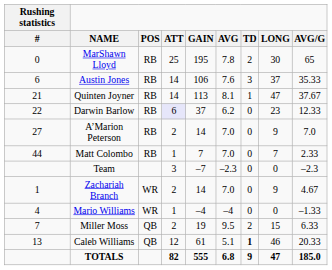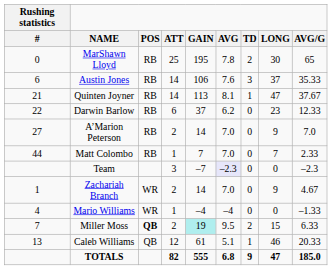 <table style="width:60%; text-align:center;" class="wikitable collapsible collapsed">
 <tr>
 <th style="text-align:center; ">Rushing statistics</th>
 </tr>
 <tr>
 <th>#</th>
 <th>NAME</th>
 <th>POS</th>
 <th>ATT</th>
 <th>GAIN</th>
 <th>AVG</th>
 <th>TD</th>
 <th>LONG</th>
 <th>AVG/G</th>
 </tr>
 <tr>
 <td>0</td>
 <td><a href='#'>MarShawn Lloyd</a></td>
 <td>RB</td>
 <td>25</td>
 <td>195</td>
 <td>7.8</td>
 <td>2</td>
 <td>30</td>
 <td>65</td>
 </tr>
 <tr>
 <td>6</td>
 <td><a href='#'>Austin Jones</a></td>
 <td>RB</td>
 <td>14</td>
 <td>106</td>
 <td>7.6</td>
 <td>3</td>
 <td>37</td>
 <td>35.33</td>
 </tr>
 <tr>
 <td>21</td>
 <td>Quinten Joyner</td>
 <td>RB</td>
 <td>14</td>
 <td>113</td>
 <td>8.1</td>
 <td>1</td>
 <td>47</td>
 <td>37.67</td>
 </tr>
 <tr>
 <td>22</td>
 <td>Darwin Barlow</td>
 <td>RB</td>
-<td style="background: lavender;">6</td>
+<td>6</td>
 <td>37</td>
 <td>6.2</td>
 <td>0</td>
 <td>23</td>
 <td>12.33</td>
 </tr>
 <tr>
 <td>27</td>
 <td>A’Marion Peterson</td>
 <td>RB</td>
 <td>2</td>
 <td>14</td>
 <td>7.0</td>
 <td>0</td>
 <td>9</td>
 <td>7.0</td>
 </tr>
 <tr>
 <td>44</td>
 <td>Matt Colombo</td>
 <td>RB</td>
 <td>1</td>
 <td>7</td>
 <td>7.0</td>
 <td>0</td>
 <td>7</td>
 <td>2.33</td>
 </tr>
 <tr>
 <td></td>
 <td>Team</td>
 <td></td>
 <td>3</td>
 <td>–7</td>
-<td>–2.3</td>
+<td style="background: lavender;">–2.3</td>
 <td>0</td>
 <td>0</td>
 <td>–2.3</td>
 </tr>
 <tr>
 <td>1</td>
 <td><a href='#'>Zachariah Branch</a></td>
 <td>WR</td>
 <td>2</td>
 <td>14</td>
 <td>7.0</td>
 <td>0</td>
 <td>9</td>
 <td>4.67</td>
 </tr>
 <tr>
 <td>4</td>
 <td><a href='#'>Mario Williams</a></td>
 <td>WR</td>
 <td>1</td>
 <td>–4</td>
 <td>–4</td>
 <td>0</td>
 <td>0</td>
 <td>–1.33</td>
 </tr>
 <tr>
 <td>7</td>
 <td>Miller Moss</td>
-<td>QB</td>
+<td><strong>QB</strong></td>
 <td>2</td>
-<td>19</td>
+<td style="background: paleturquoise;">19</td>
 <td>9.5</td>
 <td>2</td>
 <td>15</td>
 <td>6.33</td>
 </tr>
 <tr>
 <td>13</td>
 <td>Caleb Williams</td>
 <td>QB</td>
 <td>12</td>
 <td>61</td>
 <td>5.1</td>
-<td><strong>1</strong></td>
+<td>1</td>
 <td>46</td>
 <td>20.33</td>
 </tr>
 <tr>
 <td></td>
 <td><strong>TOTALS</strong></td>
 <td></td>
 <td><strong>82</strong></td>
 <td><strong>555</strong></td>
 <td><strong>6.8</strong></td>
 <td><strong>9</strong></td>
 <td><strong>47</strong></td>
 <td><strong>185.0</strong></td>
 </tr>
 </table>
